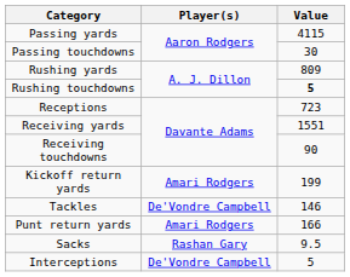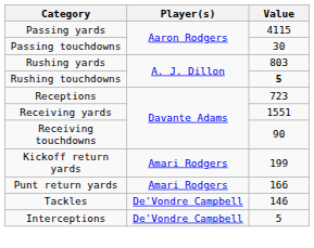 <table class="wikitable" style="text-align:center">
 <tr>
 <th width="150">Category</th>
 <th width="150">Player(s)</th>
 <th width="70">Value</th>
 </tr>
 <tr>
 <td>Passing yards</td>
 <td rowspan=2><a href='#'>Aaron Rodgers</a></td>
 <td>4115</td>
 </tr>
 <tr>
 <td>Passing touchdowns</td>
 <td>30</td>
 </tr>
 <tr>
 <td>Rushing yards</td>
 <td rowspan=2><a href='#'>A. J. Dillon</a></td>
-<td>809</td>
+<td>803</td>
 </tr>
 <tr>
 <td>Rushing touchdowns</td>
 <td><strong>5</strong></td>
 </tr>
 <tr>
 <td>Receptions</td>
 <td rowspan=3><a href='#'>Davante Adams</a></td>
 <td>723</td>
 </tr>
 <tr>
 <td>Receiving yards</td>
 <td>1551</td>
 </tr>
 <tr>
 <td>Receiving touchdowns</td>
 <td>90</td>
 </tr>
 <tr>
 <td>Kickoff return yards</td>
 <td><a href='#'>Amari Rodgers</a></td>
 <td>199</td>
 </tr>
 <tr>
-<td>Tackles</td>
-<td><a href='#'>De'Vondre Campbell</a></td>
-<td>146</td>
-</tr>
-<tr>
 <td>Punt return yards</td>
 <td><a href='#'>Amari Rodgers</a></td>
 <td>166</td>
 </tr>
 <tr>
-<td>Sacks</td>
-<td><a href='#'>Rashan Gary</a></td>
-<td>9.5</td>
+<td>Tackles</td>
+<td><a href='#'>De'Vondre Campbell</a></td>
+<td>146</td>
 </tr>
 <tr>
 <td>Interceptions</td>
 <td><a href='#'>De'Vondre Campbell</a></td>
 <td>5</td>
 </tr>
 </table>
